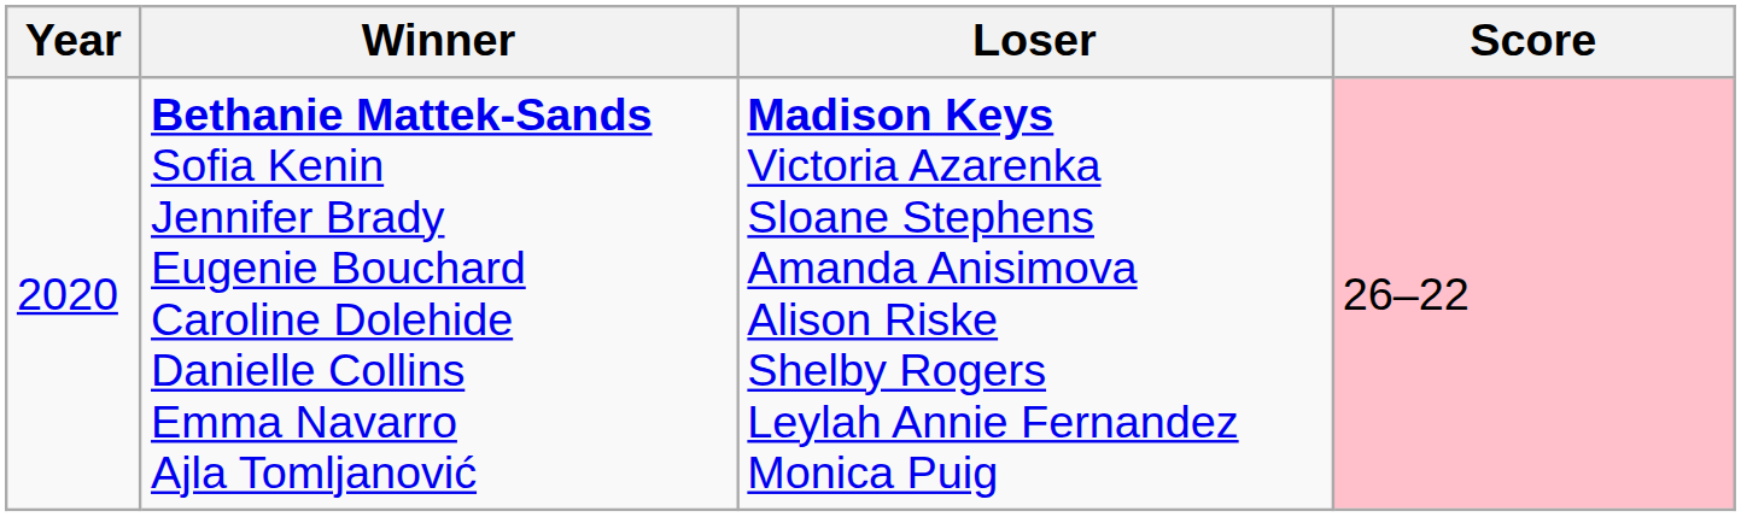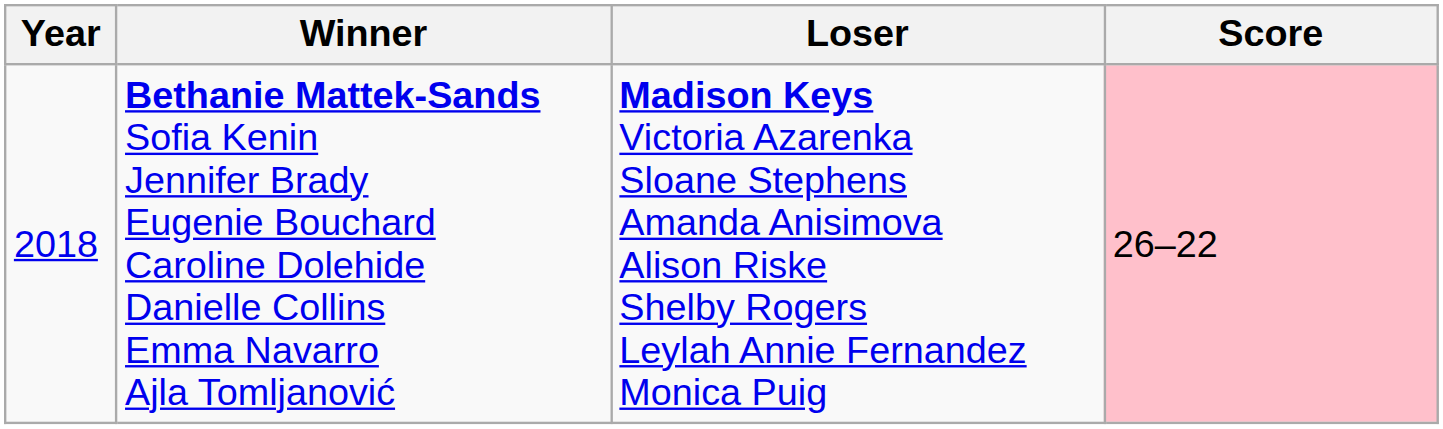 <table class="wikitable">
 <tr>
 <th style="width:40px">Year</th>
 <th style="width:210px">Winner</th>
 <th style="width:210px">Loser</th>
 <th style="width:140px" class="unsortable">Score</th>
 </tr>
 <tr>
-<td><a href='#'>2020</a></td>
+<td><a href='#'>2018</a></td>
 <td> <strong><a href='#'>Bethanie Mattek-Sands</a></strong> <br>  <a href='#'>Sofia Kenin</a> <br>  <a href='#'>Jennifer Brady</a> <br>   <a href='#'>Eugenie Bouchard</a> <br>   <a href='#'>Caroline Dolehide</a> <br>  <a href='#'>Danielle Collins</a> <br>   <a href='#'>Emma Navarro</a> <br>  <a href='#'>Ajla Tomljanović</a></td>
 <td> <strong><a href='#'>Madison Keys</a></strong> <br>  <a href='#'>Victoria Azarenka</a> <br>  <a href='#'>Sloane Stephens</a> <br>  <a href='#'>Amanda Anisimova</a> <br>  <a href='#'>Alison Riske</a> <br>  <a href='#'>Shelby Rogers</a> <br>  <a href='#'>Leylah Annie Fernandez</a> <br>   <a href='#'>Monica Puig</a></td>
 <td style="background: pink;">26–22</td>
 </tr>
 </table>
